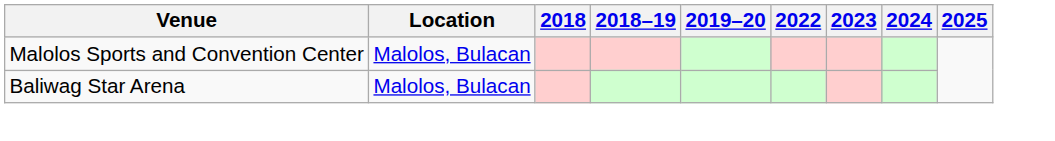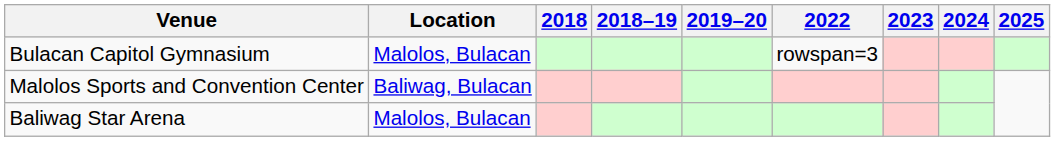 <table class="wikitable sortable" style="text-align:center">
 <tr>
 <th>Venue</th>
 <th>Location</th>
 <th><a href='#'>2018</a></th>
 <th><a href='#'>2018–19</a></th>
 <th><a href='#'>2019–20</a></th>
 <th><a href='#'>2022</a></th>
 <th><a href='#'>2023</a></th>
 <th><a href='#'>2024</a></th>
 <th><a href='#'>2025</a></th>
 </tr>
 <tr>
+<td align=left>Bulacan Capitol Gymnasium</td>
+<td align=left><a href='#'>Malolos, Bulacan</a></td>
+<td bgcolor="CFFFCF"></td>
+<td bgcolor="CFFFCF"></td>
+<td bgcolor="CFFFCF"></td>
+<td>rowspan=3 </td>
+<td bgcolor="FFCFCF"></td>
+<td bgcolor="FFCFCF"></td>
+<td bgcolor="CFFFCF"></td>
+</tr>
+<tr>
 <td align=left>Malolos Sports and Convention Center</td>
-<td align=left><a href='#'>Malolos, Bulacan</a></td>
+<td align=left><a href='#'>Baliwag, Bulacan</a></td>
 <td bgcolor="FFCFCF"></td>
 <td bgcolor="FFCFCF"></td>
 <td bgcolor="CFFFCF"></td>
 <td bgcolor="FFCFCF"></td>
 <td bgcolor="FFCFCF"></td>
 <td bgcolor="CFFFCF"></td>
 </tr>
 <tr>
 <td align=left>Baliwag Star Arena</td>
 <td align=left><a href='#'>Malolos, Bulacan</a></td>
 <td bgcolor="FFCFCF"></td>
 <td bgcolor="CFFFCF"></td>
 <td bgcolor="CFFFCF"></td>
 <td bgcolor="CFFFCF"></td>
 <td bgcolor="FFCFCF"></td>
 <td bgcolor="CFFFCF"></td>
 </tr>
 </table>
